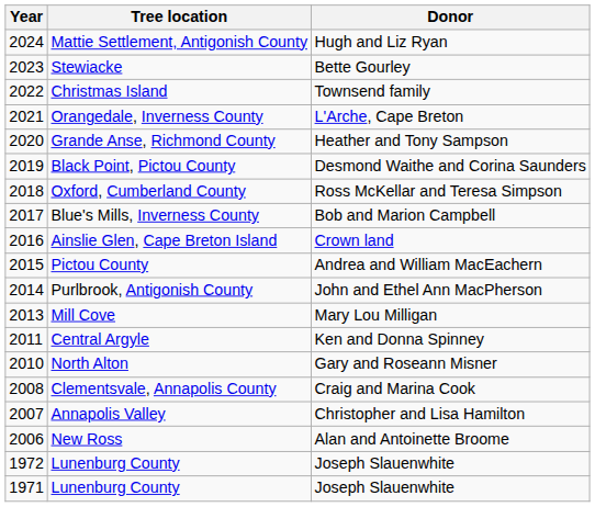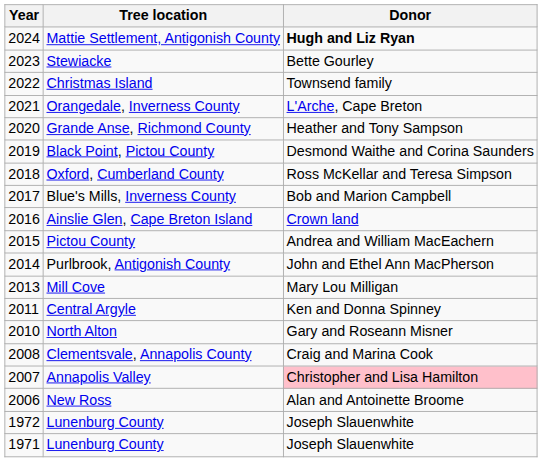 <table class="wikitable" style="float: right; margin-left:1em">
 <tr>
 <th>Year</th>
 <th>Tree location</th>
 <th>Donor</th>
 </tr>
 <tr>
 <td>2024</td>
 <td><a href='#'>Mattie Settlement, Antigonish County</a></td>
-<td>Hugh and Liz Ryan</td>
+<td><strong>Hugh and Liz Ryan</strong></td>
 </tr>
 <tr>
 <td>2023</td>
 <td><a href='#'>Stewiacke</a></td>
 <td>Bette Gourley</td>
 </tr>
 <tr>
 <td>2022</td>
 <td><a href='#'>Christmas Island</a></td>
 <td>Townsend family</td>
 </tr>
 <tr>
 <td>2021</td>
 <td><a href='#'>Orangedale</a>, <a href='#'>Inverness County</a></td>
 <td><a href='#'>L'Arche</a>, Cape Breton</td>
 </tr>
 <tr>
 <td>2020</td>
 <td><a href='#'>Grande Anse</a>, <a href='#'>Richmond County</a></td>
 <td>Heather and Tony Sampson</td>
 </tr>
 <tr>
 <td>2019</td>
 <td><a href='#'>Black Point</a>, <a href='#'>Pictou County</a></td>
 <td>Desmond Waithe and Corina Saunders</td>
 </tr>
 <tr>
 <td>2018</td>
 <td><a href='#'>Oxford</a>, <a href='#'>Cumberland County</a></td>
 <td>Ross McKellar and Teresa Simpson </td>
 </tr>
 <tr>
 <td>2017</td>
 <td>Blue's Mills, <a href='#'>Inverness County</a></td>
 <td>Bob and Marion Campbell</td>
 </tr>
 <tr>
 <td>2016</td>
 <td><a href='#'>Ainslie Glen</a>, <a href='#'>Cape Breton Island</a></td>
 <td><a href='#'>Crown land</a></td>
 </tr>
 <tr>
 <td>2015</td>
 <td><a href='#'>Pictou County</a></td>
 <td>Andrea and William MacEachern</td>
 </tr>
 <tr>
 <td>2014</td>
 <td>Purlbrook, <a href='#'>Antigonish County</a></td>
 <td>John and Ethel Ann MacPherson</td>
 </tr>
 <tr>
 <td>2013</td>
 <td><a href='#'>Mill Cove</a></td>
 <td>Mary Lou Milligan</td>
 </tr>
 <tr>
 <td>2011</td>
 <td><a href='#'>Central Argyle</a></td>
 <td>Ken and Donna Spinney</td>
 </tr>
 <tr>
 <td>2010</td>
 <td><a href='#'>North Alton</a></td>
 <td>Gary and Roseann Misner</td>
 </tr>
 <tr>
 <td>2008</td>
 <td><a href='#'>Clementsvale</a>, <a href='#'>Annapolis County</a></td>
 <td>Craig and Marina Cook</td>
 </tr>
 <tr>
 <td>2007</td>
 <td><a href='#'>Annapolis Valley</a></td>
-<td>Christopher and Lisa Hamilton</td>
+<td style="background: pink;">Christopher and Lisa Hamilton</td>
 </tr>
 <tr>
 <td>2006</td>
 <td><a href='#'>New Ross</a></td>
 <td>Alan and Antoinette Broome</td>
 </tr>
 <tr>
 <td>1972</td>
 <td><a href='#'>Lunenburg County</a></td>
 <td>Joseph Slauenwhite</td>
 </tr>
 <tr>
 <td>1971</td>
 <td><a href='#'>Lunenburg County</a></td>
 <td>Joseph Slauenwhite</td>
 </tr>
 </table>
